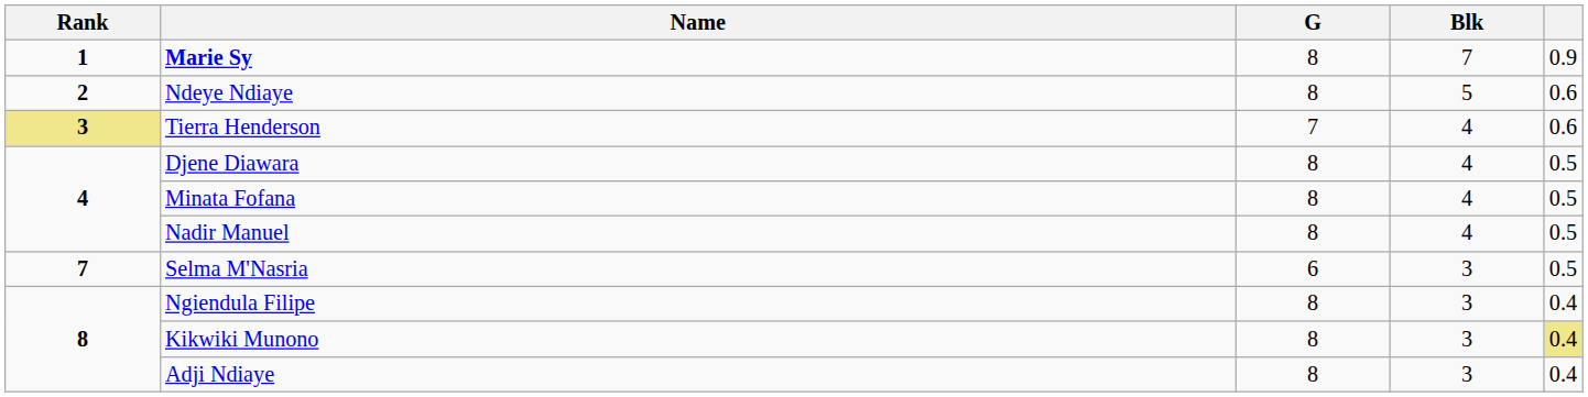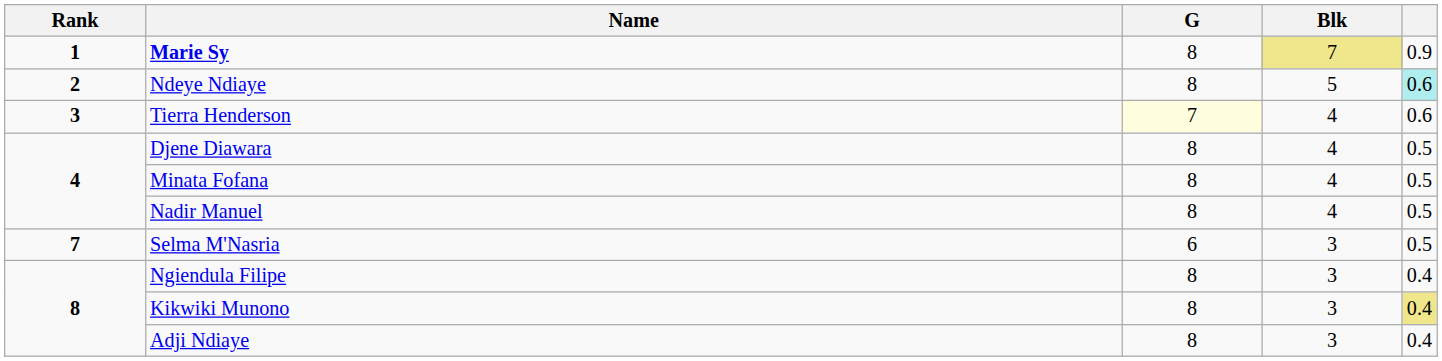 <table class="wikitable" style="width:90%;">
 <tr>
 <th style="width:10%;">Rank</th>
 <th style="width:70%;">Name</th>
 <th style="width:10%;">G</th>
 <th style="width:10%;">Blk</th>
 <th style="width:10%;"></th>
 </tr>
 <tr align=center>
 <td><strong>1</strong></td>
 <td align=left> <strong><a href='#'>Marie Sy</a></strong></td>
 <td>8</td>
-<td>7</td>
+<td style="background: khaki;">7</td>
 <td>0.9</td>
 </tr>
 <tr align=center>
 <td><strong>2</strong></td>
 <td align=left> <a href='#'>Ndeye Ndiaye</a></td>
 <td>8</td>
 <td>5</td>
-<td>0.6</td>
+<td style="background: paleturquoise;">0.6</td>
 </tr>
 <tr align=center>
-<td style="background: khaki;"><strong>3</strong></td>
+<td><strong>3</strong></td>
 <td align=left> <a href='#'>Tierra Henderson</a></td>
-<td>7</td>
+<td style="background: lightyellow;">7</td>
 <td>4</td>
 <td>0.6</td>
 </tr>
 <tr align=center>
 <td rowspan=3><strong>4</strong></td>
 <td align=left> <a href='#'>Djene Diawara</a></td>
 <td>8</td>
 <td>4</td>
 <td>0.5</td>
 </tr>
 <tr align=center>
 <td align=left> <a href='#'>Minata Fofana</a></td>
 <td>8</td>
 <td>4</td>
 <td>0.5</td>
 </tr>
 <tr align=center>
 <td align=left> <a href='#'>Nadir Manuel</a></td>
 <td>8</td>
 <td>4</td>
 <td>0.5</td>
 </tr>
 <tr align=center>
 <td><strong>7</strong></td>
 <td align=left> <a href='#'>Selma M'Nasria</a></td>
 <td>6</td>
 <td>3</td>
 <td>0.5</td>
 </tr>
 <tr align=center>
 <td rowspan=3><strong>8</strong></td>
 <td align=left> <a href='#'>Ngiendula Filipe</a></td>
 <td>8</td>
 <td>3</td>
 <td>0.4</td>
 </tr>
 <tr align=center>
 <td align=left> <a href='#'>Kikwiki Munono</a></td>
 <td>8</td>
 <td>3</td>
 <td style="background: khaki;">0.4</td>
 </tr>
 <tr align=center>
 <td align=left> <a href='#'>Adji Ndiaye</a></td>
 <td>8</td>
 <td>3</td>
 <td>0.4</td>
 </tr>
 </table>
